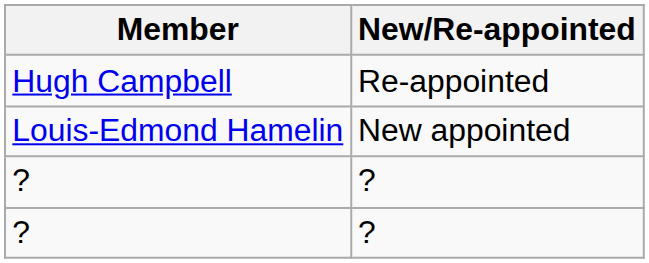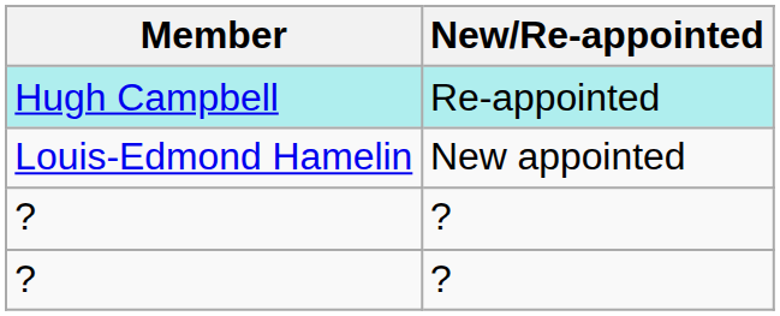 <table class="wikitable">
 <tr>
 <th>Member</th>
 <th>New/Re-appointed</th>
 </tr>
 <tr>
-<td><a href='#'>Hugh Campbell</a></td>
-<td>Re-appointed</td>
+<td style="background: paleturquoise;"><a href='#'>Hugh Campbell</a></td>
+<td style="background: paleturquoise;">Re-appointed</td>
 </tr>
 <tr>
 <td><a href='#'>Louis-Edmond Hamelin</a></td>
 <td>New appointed</td>
 </tr>
 <tr>
 <td>?</td>
 <td>?</td>
 </tr>
 <tr>
 <td>?</td>
 <td>?</td>
 </tr>
 </table>
